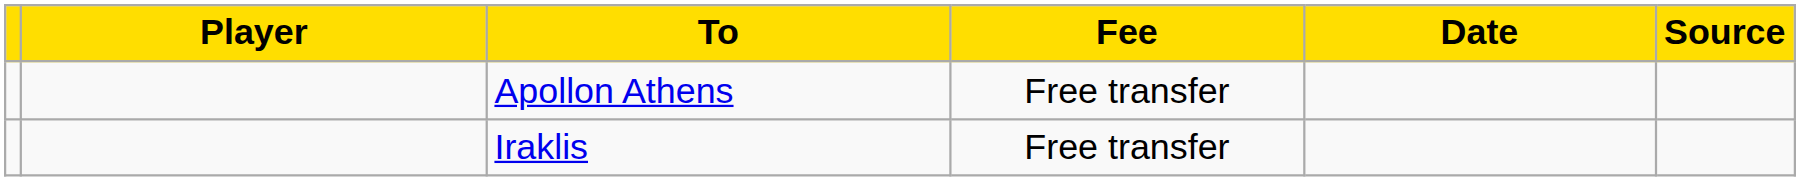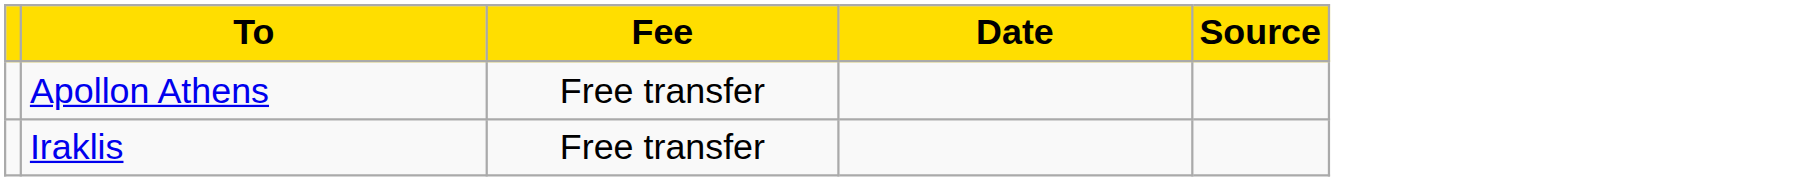 <table class="wikitable sortable">
 <tr>
 <th style="background:#FFDE00"></th>
-<th width=200 style="background:#FFDE00">Player</th>
 <th width=200 style="background:#FFDE00">To</th>
 <th width=150 style="background:#FFDE00">Fee</th>
 <th width=150 style="background:#FFDE00">Date</th>
 <th style="background:#FFDE00">Source</th>
 </tr>
 <tr>
 <td align=center></td>
-<td></td>
 <td> <a href='#'>Apollon Athens</a></td>
 <td align=center>Free transfer</td>
 <td align=center></td>
 <td align=center></td>
 </tr>
 <tr>
 <td align=center></td>
-<td></td>
 <td> <a href='#'>Iraklis</a></td>
 <td align=center>Free transfer</td>
 <td align=center></td>
 <td align=center></td>
 </tr>
 </table>
